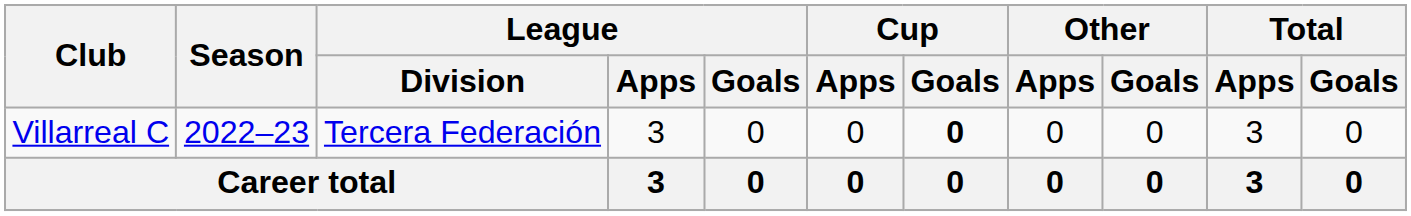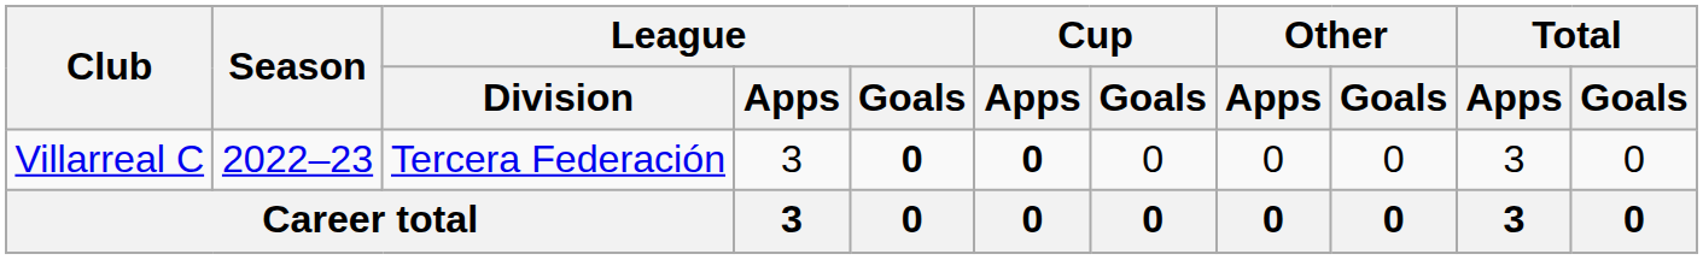 <table class=wikitable style=text-align:center>
 <tr>
 <th rowspan="2">Club</th>
 <th rowspan="2">Season</th>
 <th colspan="3">League</th>
 <th colspan="2">Cup</th>
 <th colspan="2">Other</th>
 <th colspan="2">Total</th>
 </tr>
 <tr>
 <th>Division</th>
 <th>Apps</th>
 <th>Goals</th>
 <th>Apps</th>
 <th>Goals</th>
 <th>Apps</th>
 <th>Goals</th>
 <th>Apps</th>
 <th>Goals</th>
 </tr>
 <tr>
 <td><a href='#'>Villarreal C</a></td>
 <td><a href='#'>2022–23</a></td>
 <td><a href='#'>Tercera Federación</a></td>
 <td>3</td>
+<td><strong>0</strong></td>
+<td><strong>0</strong></td>
 <td>0</td>
-<td>0</td>
-<td><strong>0</strong></td>
 <td>0</td>
 <td>0</td>
 <td>3</td>
 <td>0</td>
 </tr>
 <tr>
 <th colspan="3"><strong>Career total</strong></th>
 <th>3</th>
 <th>0</th>
 <th>0</th>
 <th>0</th>
 <th>0</th>
 <th>0</th>
 <th>3</th>
 <th>0</th>
 </tr>
 </table>
